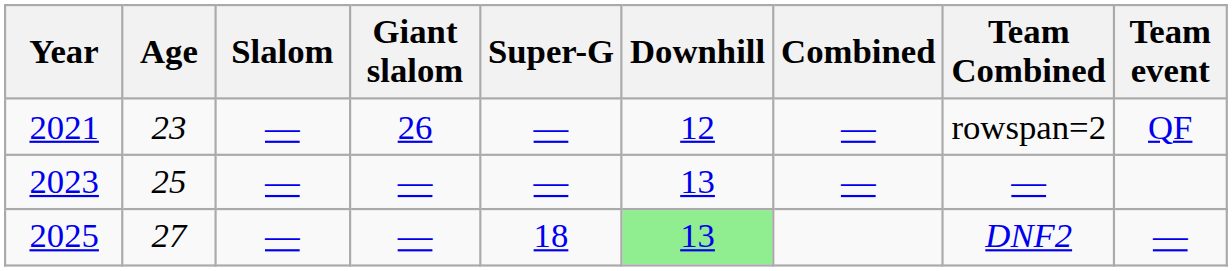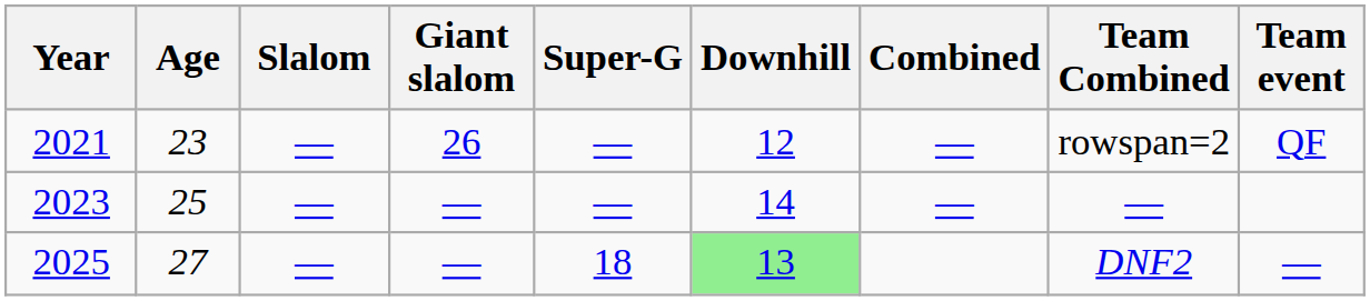 <table class=wikitable style="text-align:center">
 <tr>
 <th>  Year  </th>
 <th> Age </th>
 <th> Slalom </th>
 <th> Giant <br> slalom </th>
 <th>Super-G</th>
 <th>Downhill</th>
 <th>Combined</th>
 <th>Team<br>Combined</th>
 <th>Team<br> event </th>
 </tr>
 <tr>
 <td><a href='#'>2021</a></td>
 <td><em>23</em></td>
 <td><a href='#'>—</a></td>
 <td><a href='#'>26</a></td>
 <td><a href='#'>—</a></td>
 <td><a href='#'>12</a></td>
 <td><a href='#'>—</a></td>
 <td>rowspan=2</td>
 <td><a href='#'>QF</a></td>
 </tr>
 <tr>
 <td><a href='#'>2023</a></td>
 <td><em>25</em></td>
 <td><a href='#'>—</a></td>
 <td><a href='#'>—</a></td>
 <td><a href='#'>—</a></td>
-<td><a href='#'>13</a></td>
+<td><a href='#'>14</a></td>
 <td><a href='#'>—</a></td>
 <td><a href='#'>—</a></td>
 </tr>
 <tr>
 <td><a href='#'>2025</a></td>
 <td><em>27</em></td>
 <td><a href='#'>—</a></td>
 <td><a href='#'>—</a></td>
 <td><a href='#'>18</a></td>
 <td style="background: lightgreen;"><a href='#'>13</a></td>
 <td></td>
 <td><a href='#'><em>DNF2</em></a></td>
 <td><a href='#'>—</a></td>
 </tr>
 </table>
